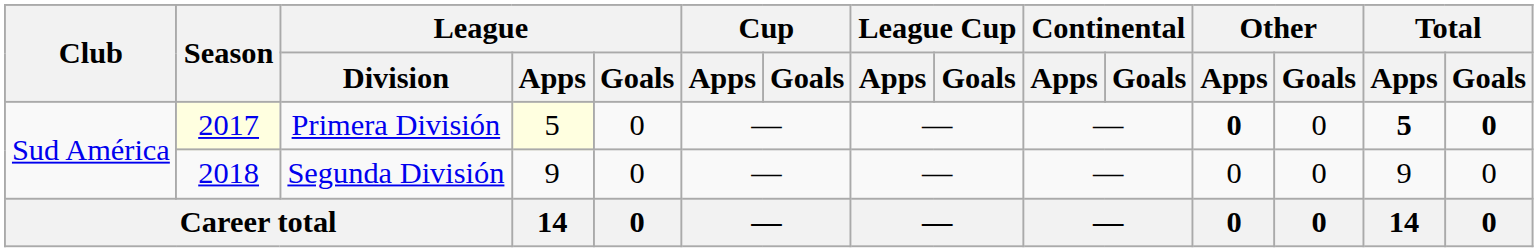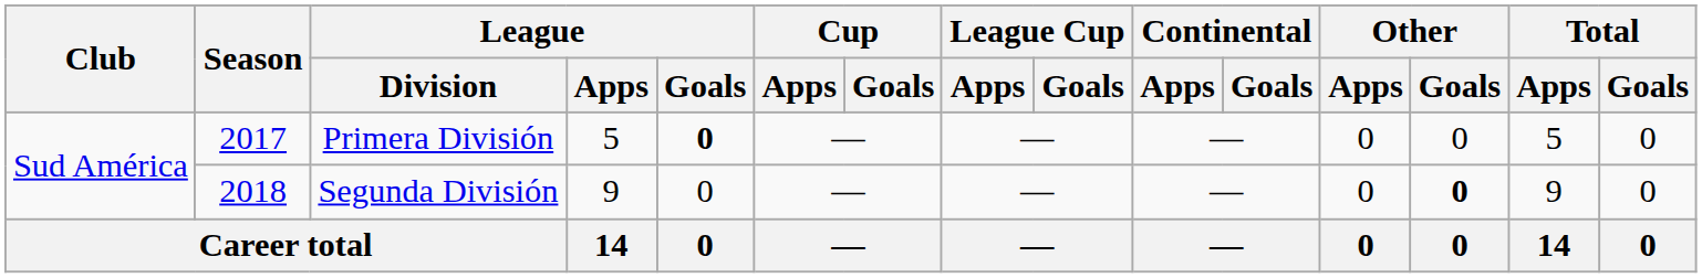 <table class="wikitable" style="text-align:center">
 <tr>
 <th rowspan="2">Club</th>
 <th rowspan="2">Season</th>
 <th colspan="3">League</th>
 <th colspan="2">Cup</th>
 <th colspan="2">League Cup</th>
 <th colspan="2">Continental</th>
 <th colspan="2">Other</th>
 <th colspan="2">Total</th>
 </tr>
 <tr>
 <th>Division</th>
 <th>Apps</th>
 <th>Goals</th>
 <th>Apps</th>
 <th>Goals</th>
 <th>Apps</th>
 <th>Goals</th>
 <th>Apps</th>
 <th>Goals</th>
 <th>Apps</th>
 <th>Goals</th>
 <th>Apps</th>
 <th>Goals</th>
 </tr>
 <tr>
 <td rowspan="2"><a href='#'>Sud América</a></td>
-<td style="background: lightyellow;"><a href='#'>2017</a></td>
+<td><a href='#'>2017</a></td>
 <td rowspan="1"><a href='#'>Primera División</a></td>
-<td style="background: lightyellow;">5</td>
-<td>0</td>
+<td>5</td>
+<td><strong>0</strong></td>
 <td colspan="2">—</td>
 <td colspan="2">—</td>
 <td colspan="2">—</td>
-<td><strong>0</strong></td>
 <td>0</td>
-<td><strong>5</strong></td>
-<td><strong>0</strong></td>
+<td>0</td>
+<td>5</td>
+<td>0</td>
 </tr>
 <tr>
 <td><a href='#'>2018</a></td>
 <td rowspan="1"><a href='#'>Segunda División</a></td>
 <td>9</td>
 <td>0</td>
 <td colspan="2">—</td>
 <td colspan="2">—</td>
 <td colspan="2">—</td>
 <td>0</td>
-<td>0</td>
+<td><strong>0</strong></td>
 <td>9</td>
 <td>0</td>
 </tr>
 <tr>
 <th colspan="3">Career total</th>
 <th>14</th>
 <th>0</th>
 <th colspan="2">—</th>
 <th colspan="2">—</th>
 <th colspan="2">—</th>
 <th>0</th>
 <th>0</th>
 <th>14</th>
 <th>0</th>
 </tr>
 </table>
